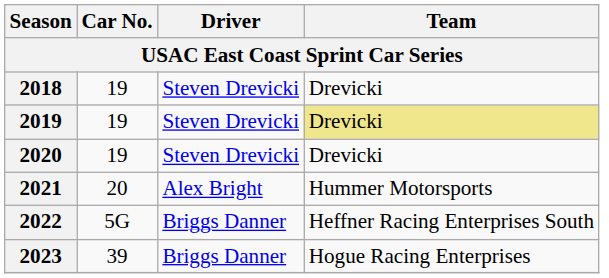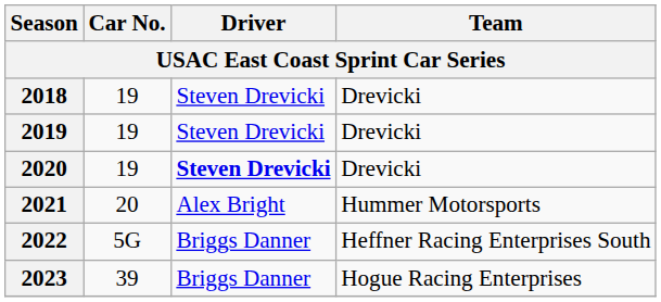 <table class="wikitable">
 <tr>
 <th>Season</th>
 <th>Car No.</th>
 <th>Driver</th>
 <th>Team</th>
 </tr>
 <tr>
 <th colspan="4">USAC East Coast Sprint Car Series</th>
 </tr>
 <tr>
 <th>2018</th>
 <td align="center">19</td>
 <td><a href='#'>Steven Drevicki</a></td>
 <td>Drevicki</td>
 </tr>
 <tr>
 <th>2019</th>
 <td align="center">19</td>
 <td><a href='#'>Steven Drevicki</a></td>
-<td style="background: khaki;">Drevicki</td>
+<td>Drevicki</td>
 </tr>
 <tr>
 <th>2020</th>
 <td align="center">19</td>
-<td><a href='#'>Steven Drevicki</a></td>
+<td><strong><a href='#'>Steven Drevicki</a></strong></td>
 <td>Drevicki</td>
 </tr>
 <tr>
 <th>2021</th>
 <td align="center">20</td>
 <td><a href='#'>Alex Bright</a></td>
 <td>Hummer Motorsports</td>
 </tr>
 <tr>
 <th>2022</th>
 <td align="center">5G</td>
 <td><a href='#'>Briggs Danner</a></td>
 <td>Heffner Racing Enterprises South</td>
 </tr>
 <tr>
 <th>2023</th>
 <td align="center">39</td>
 <td><a href='#'>Briggs Danner</a></td>
 <td>Hogue Racing Enterprises</td>
 </tr>
 <tr>
 </tr>
 </table>
